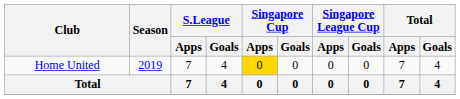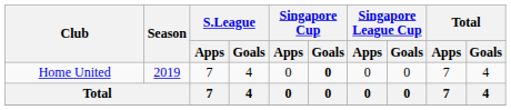 <table class="wikitable" style="text-align:center">
 <tr>
 <th rowspan="2" width="160">Club</th>
 <th rowspan="2">Season</th>
 <th colspan="2"><a href='#'>S.League</a></th>
 <th colspan="2"><a href='#'>Singapore Cup</a></th>
 <th colspan="2"><a href='#'>Singapore<br>League Cup</a></th>
 <th colspan="2">Total</th>
 </tr>
 <tr>
 <th width="40">Apps</th>
 <th width="40">Goals</th>
 <th width="40">Apps</th>
 <th width="40">Goals</th>
 <th width="40">Apps</th>
 <th width="40">Goals</th>
 <th width="40">Apps</th>
 <th width="40">Goals</th>
 </tr>
 <tr>
 <td><a href='#'>Home United</a></td>
 <td><a href='#'>2019</a></td>
 <td>7</td>
 <td>4</td>
-<td style="background: gold;">0</td>
 <td>0</td>
+<td><strong>0</strong></td>
 <td>0</td>
 <td>0</td>
 <td>7</td>
 <td>4</td>
 </tr>
 <tr>
 <th colspan="2">Total</th>
 <th>7</th>
 <th>4</th>
 <th>0</th>
 <th>0</th>
 <th>0</th>
 <th>0</th>
 <th>7</th>
 <th>4</th>
 </tr>
 <tr>
 </tr>
 </table>
